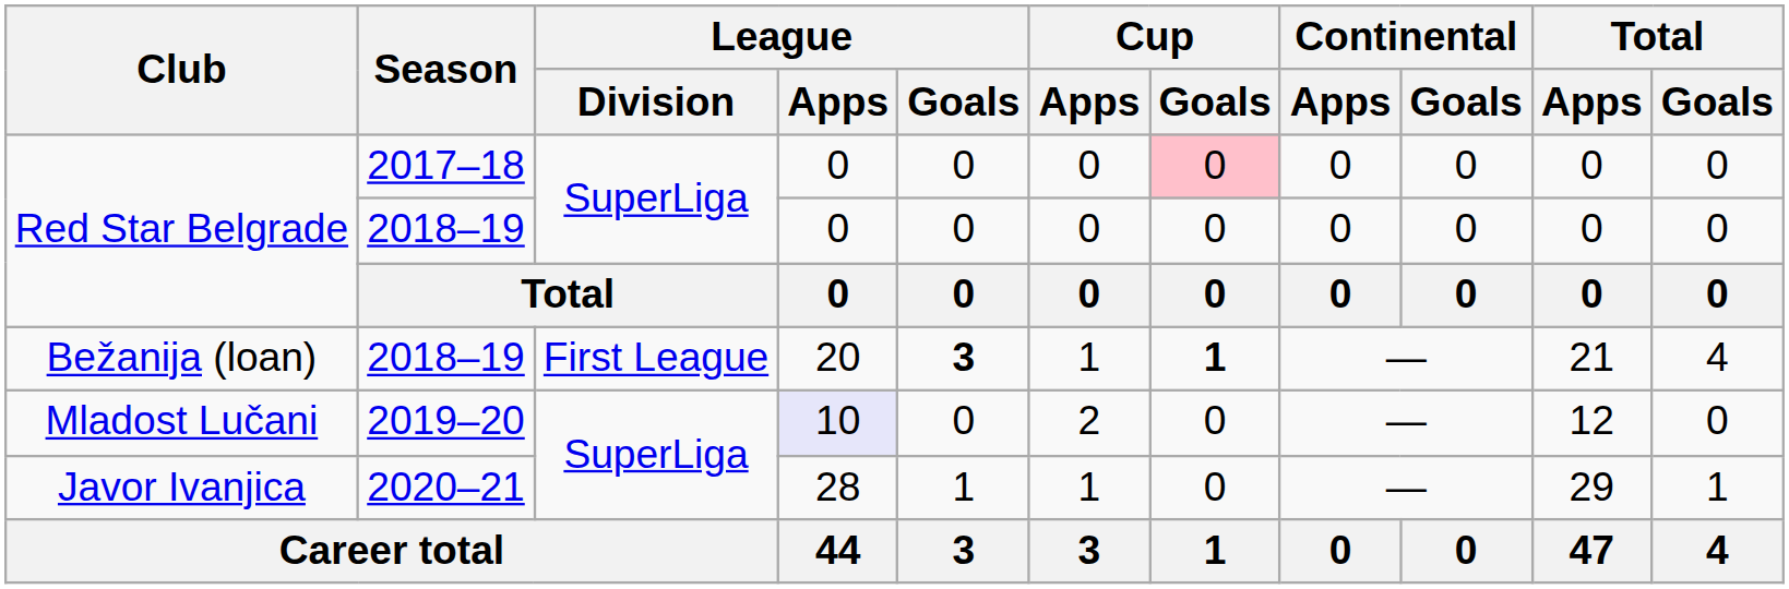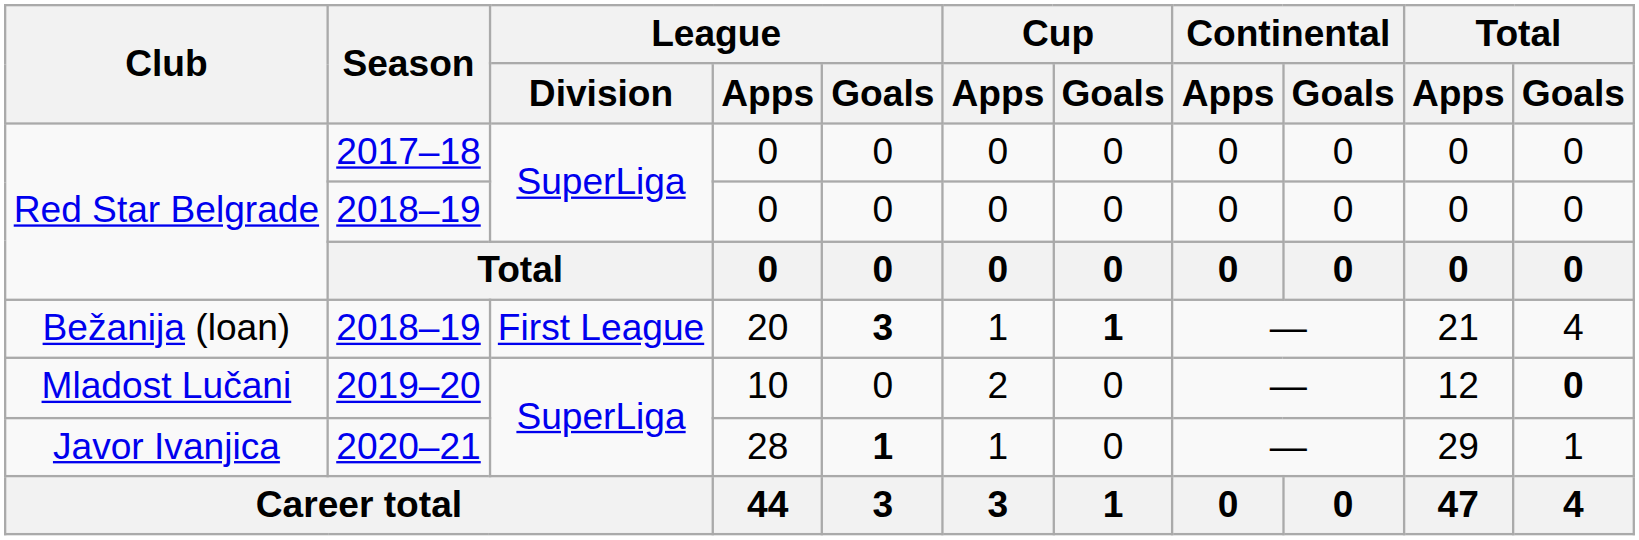 <table class="wikitable" style="text-align:center">
 <tr>
 <th rowspan="2">Club</th>
 <th rowspan="2">Season</th>
 <th colspan="3">League</th>
 <th colspan="2">Cup</th>
 <th colspan="2">Continental</th>
 <th colspan="2">Total</th>
 </tr>
 <tr>
 <th>Division</th>
 <th>Apps</th>
 <th>Goals</th>
 <th>Apps</th>
 <th>Goals</th>
 <th>Apps</th>
 <th>Goals</th>
 <th>Apps</th>
 <th>Goals</th>
 </tr>
 <tr>
 <td rowspan="3"><a href='#'>Red Star Belgrade</a></td>
 <td><a href='#'>2017–18</a></td>
 <td rowspan="2"><a href='#'>SuperLiga</a></td>
 <td>0</td>
 <td>0</td>
 <td>0</td>
-<td style="background: pink;">0</td>
+<td>0</td>
 <td>0</td>
 <td>0</td>
 <td>0</td>
 <td>0</td>
 </tr>
 <tr>
 <td><a href='#'>2018–19</a></td>
 <td>0</td>
 <td>0</td>
 <td>0</td>
 <td>0</td>
 <td>0</td>
 <td>0</td>
 <td>0</td>
 <td>0</td>
 </tr>
 <tr>
 <th colspan="2">Total</th>
 <th>0</th>
 <th>0</th>
 <th>0</th>
 <th>0</th>
 <th>0</th>
 <th>0</th>
 <th>0</th>
 <th>0</th>
 </tr>
 <tr>
 <td rowspan="1"><a href='#'>Bežanija</a> (loan)</td>
 <td><a href='#'>2018–19</a></td>
 <td rowspan="1"><a href='#'>First League</a></td>
 <td>20</td>
 <td><strong>3</strong></td>
 <td>1</td>
 <td><strong>1</strong></td>
 <td colspan="2">—</td>
 <td>21</td>
 <td>4</td>
 </tr>
 <tr>
 <td rowspan="1"><a href='#'>Mladost Lučani</a></td>
 <td><a href='#'>2019–20</a></td>
 <td rowspan="2"><a href='#'>SuperLiga</a></td>
-<td style="background: lavender;">10</td>
+<td>10</td>
 <td>0</td>
 <td>2</td>
 <td>0</td>
 <td colspan="2">—</td>
 <td>12</td>
-<td>0</td>
+<td><strong>0</strong></td>
 </tr>
 <tr>
 <td rowspan="1"><a href='#'>Javor Ivanjica</a></td>
 <td><a href='#'>2020–21</a></td>
 <td>28</td>
-<td>1</td>
+<td><strong>1</strong></td>
 <td>1</td>
 <td>0</td>
 <td colspan="2">—</td>
 <td>29</td>
 <td>1</td>
 </tr>
 <tr>
 <th colspan="3">Career total</th>
 <th>44</th>
 <th>3</th>
 <th>3</th>
 <th>1</th>
 <th>0</th>
 <th>0</th>
 <th>47</th>
 <th>4</th>
 </tr>
 </table>
